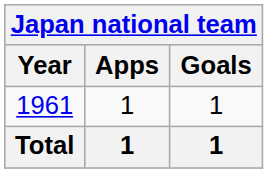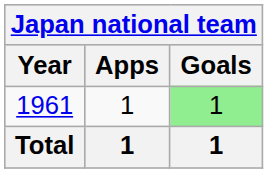 <table class="wikitable" style="text-align:center">
 <tr>
 <th colspan=3><a href='#'>Japan national team</a></th>
 </tr>
 <tr>
 <th>Year</th>
 <th>Apps</th>
 <th>Goals</th>
 </tr>
 <tr>
 <td><a href='#'>1961</a></td>
 <td>1</td>
-<td>1</td>
+<td style="background: lightgreen;">1</td>
 </tr>
 <tr>
 <th>Total</th>
 <th>1</th>
 <th>1</th>
 </tr>
 </table>
